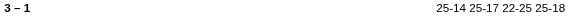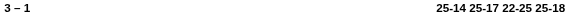 <table width=100% cellspacing=1>
 <tr>
 <th width=20%></th>
 <th width=12%></th>
 <th width=20%></th>
 <th width=33%></th>
 <td></td>
 </tr>
 <tr style=font-size:90%>
 <td align=right><strong></strong></td>
 <td align=center><strong>3 – 1</strong></td>
 <td></td>
-<td>25-14 25-17 22-25 25-18</td>
+<td><strong>25-14 25-17 22-25 25-18</strong></td>
 </tr>
 </table>
